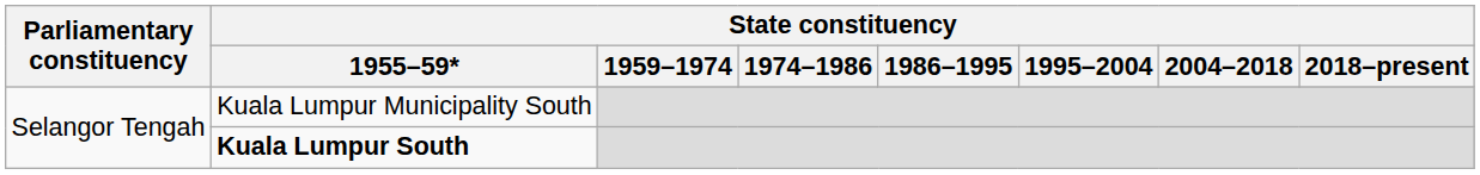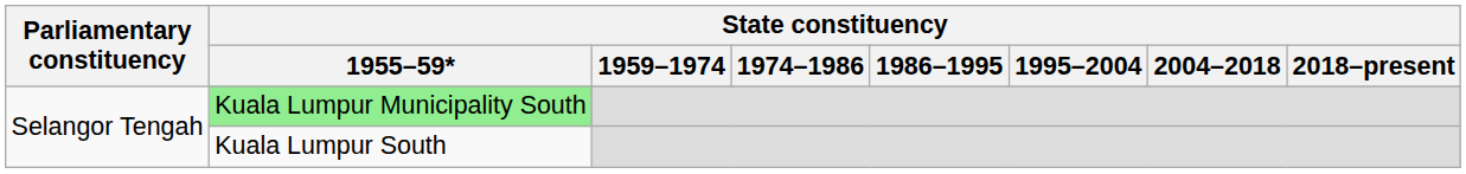 <table class="wikitable">
 <tr>
 <th rowspan="2">Parliamentary<br>constituency</th>
 <th colspan="7">State constituency</th>
 </tr>
 <tr>
 <th>1955–59*</th>
 <th>1959–1974</th>
 <th>1974–1986</th>
 <th>1986–1995</th>
 <th>1995–2004</th>
 <th>2004–2018</th>
 <th>2018–present</th>
 </tr>
 <tr>
 <td rowspan="2">Selangor Tengah</td>
-<td>Kuala Lumpur Municipality South</td>
+<td style="background: lightgreen;">Kuala Lumpur Municipality South</td>
 <td colspan="6" bgcolor="dcdcdc"></td>
 </tr>
 <tr>
-<td><strong>Kuala Lumpur South</strong></td>
+<td>Kuala Lumpur South</td>
 <td colspan="6" bgcolor="dcdcdc"></td>
 </tr>
 </table>
